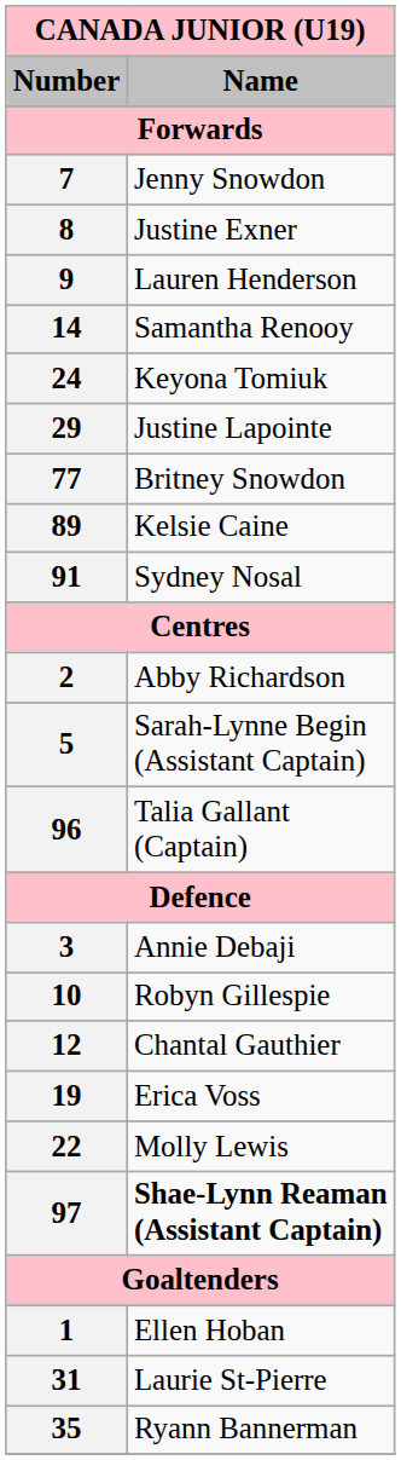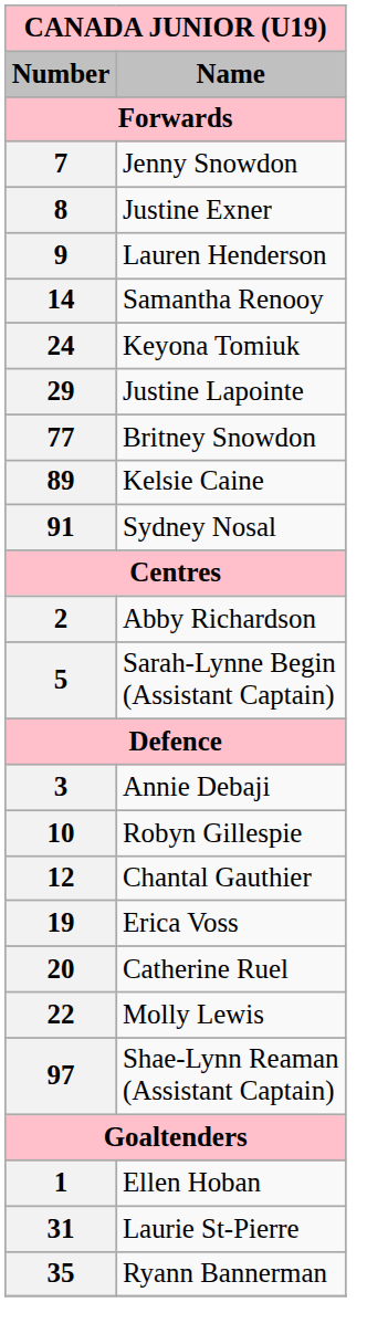 <table class="wikitable" style="text-align:left; font-size:90%;">
 <tr>
 <th style=background:pink colspan=2>CANADA JUNIOR (U19)</th>
 </tr>
 <tr>
 <th width=10 style="background:silver;">Number</th>
 <th style="background:silver;">Name</th>
 </tr>
 <tr>
 <th style=background:pink colspan=2>Forwards</th>
 </tr>
 <tr>
 <th>7</th>
 <td>Jenny Snowdon</td>
 </tr>
 <tr>
 <th>8</th>
 <td>Justine Exner</td>
 </tr>
 <tr>
 <th>9</th>
 <td>Lauren Henderson</td>
 </tr>
 <tr>
 <th>14</th>
 <td>Samantha Renooy</td>
 </tr>
 <tr>
 <th>24</th>
 <td>Keyona Tomiuk</td>
 </tr>
 <tr>
 <th>29</th>
 <td>Justine Lapointe</td>
 </tr>
 <tr>
 <th>77</th>
 <td>Britney Snowdon</td>
 </tr>
 <tr>
 <th>89</th>
 <td>Kelsie Caine</td>
 </tr>
 <tr>
 <th>91</th>
 <td>Sydney Nosal</td>
 </tr>
 <tr>
 <th style=background:pink colspan=2>Centres</th>
 </tr>
 <tr>
 <th>2</th>
 <td>Abby Richardson</td>
 </tr>
 <tr>
 <th>5</th>
 <td>Sarah-Lynne Begin<br>(Assistant Captain)</td>
 </tr>
 <tr>
-<th>96</th>
-<td>Talia Gallant<br>(Captain)</td>
-</tr>
-<tr>
 <th style=background:pink colspan=2>Defence</th>
 </tr>
 <tr>
 <th>3</th>
 <td>Annie Debaji</td>
 </tr>
 <tr>
 <th>10</th>
 <td>Robyn Gillespie</td>
 </tr>
 <tr>
 <th>12</th>
 <td>Chantal Gauthier</td>
 </tr>
 <tr>
 <th>19</th>
 <td>Erica Voss</td>
 </tr>
 <tr>
+<th>20</th>
+<td>Catherine Ruel</td>
+</tr>
+<tr>
 <th>22</th>
 <td>Molly Lewis</td>
 </tr>
 <tr>
 <th>97</th>
-<td><strong>Shae-Lynn Reaman<br>(Assistant Captain)</strong></td>
+<td>Shae-Lynn Reaman<br>(Assistant Captain)</td>
 </tr>
 <tr>
 <th style=background:pink colspan=2>Goaltenders</th>
 </tr>
 <tr>
 <th>1</th>
 <td>Ellen Hoban</td>
 </tr>
 <tr>
 <th>31</th>
 <td>Laurie St-Pierre</td>
 </tr>
 <tr>
 <th>35</th>
 <td>Ryann Bannerman</td>
 </tr>
 <tr>
 </tr>
 </table>
